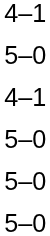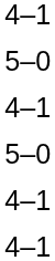 <table style="font-size:90%">
 <tr>
 <td colspan=3></td>
 </tr>
 <tr>
 <td align=right><strong></strong></td>
 <td align=center>4–1</td>
 <td></td>
 </tr>
 <tr>
 <td colspan=3></td>
 </tr>
 <tr>
 <td width=150 align=right><strong></strong></td>
 <td width=100 align=center>5–0</td>
 <td></td>
 </tr>
 <tr>
 <td colspan=3></td>
 </tr>
 <tr>
 <td align=right><strong></strong></td>
 <td align=center>4–1</td>
 <td></td>
 </tr>
 <tr>
 <td colspan=3></td>
 </tr>
 <tr>
 <td align=right><strong></strong></td>
 <td align=center>5–0</td>
 <td></td>
 </tr>
 <tr>
 <td colspan=3></td>
 </tr>
 <tr>
 <td align=right><strong></strong></td>
-<td align=center>5–0</td>
+<td align=center>4–1</td>
 <td></td>
 </tr>
 <tr>
 <td colspan=3></td>
 </tr>
 <tr>
 <td align=right><strong></strong></td>
-<td width=100 align=center>5–0</td>
+<td align=center>4–1</td>
 <td></td>
 </tr>
 </table>
